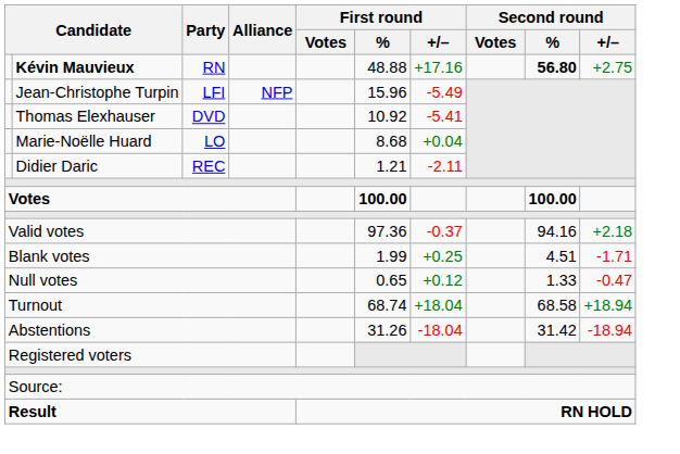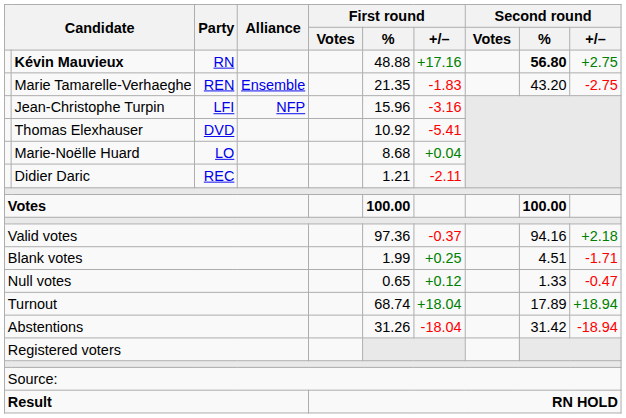 <table class="wikitable" style="text-align:right;font-size:95%;">
 <tr>
 <th rowspan="2" colspan="2">Candidate</th>
 <th colspan="1" rowspan="2">Party</th>
 <th colspan="1" rowspan="2">Alliance</th>
 <th colspan="3">First round</th>
 <th colspan="3">Second round</th>
 </tr>
 <tr>
 <th style="width:50px;">Votes</th>
 <th style="width:45px;">%</th>
 <th style="width:45px;">+/–</th>
 <th style="width:50px;">Votes</th>
 <th style="width:45px;">%</th>
 <th style="width:45px;">+/–</th>
 </tr>
 <tr>
 <td style="color:inherit;background:"></td>
 <td style="text-align:left;"><strong>Kévin Mauvieux</strong></td>
 <td><a href='#'>RN</a></td>
 <td></td>
 <td></td>
 <td>48.88</td>
 <td style="color:green;">+17.16</td>
 <td><strong></strong></td>
 <td><strong>56.80</strong></td>
 <td style="color:green;">+2.75</td>
 </tr>
 <tr>
 <td style="color:inherit;background:"></td>
+<td style="text-align:left;">Marie Tamarelle-Verhaeghe</td>
+<td><a href='#'>REN</a></td>
+<td><a href='#'>Ensemble</a></td>
+<td></td>
+<td>21.35</td>
+<td style="color:red;">-1.83</td>
+<td></td>
+<td>43.20</td>
+<td style="color:red;">-2.75</td>
+</tr>
+<tr>
+<td style="color:inherit;background:"></td>
 <td style="text-align:left;">Jean-Christophe Turpin</td>
 <td><a href='#'>LFI</a></td>
 <td><a href='#'>NFP</a></td>
 <td></td>
 <td>15.96</td>
-<td style="color:red;">-5.49</td>
+<td style="color:red;">-3.16</td>
 <td colspan="3" rowspan="4" style="background:#E9E9E9;"></td>
 </tr>
 <tr>
 <td style="color:inherit;background:"></td>
 <td style="text-align:left;">Thomas Elexhauser</td>
 <td><a href='#'>DVD</a></td>
 <td></td>
 <td></td>
 <td>10.92</td>
 <td style="color:red;">-5.41</td>
 </tr>
 <tr>
 <td style="color:inherit;background:"></td>
 <td style="text-align:left;">Marie-Noëlle Huard</td>
 <td><a href='#'>LO</a></td>
 <td></td>
 <td></td>
 <td>8.68</td>
 <td style="color:green;">+0.04</td>
 </tr>
 <tr>
 <td style="color:inherit;background:"></td>
 <td style="text-align:left;">Didier Daric</td>
 <td><a href='#'>REC</a></td>
 <td></td>
 <td></td>
 <td>1.21</td>
 <td style="color:red;">-2.11</td>
 </tr>
 <tr>
 <td colspan="10" style="background:#E9E9E9;"></td>
 </tr>
 <tr style="font-weight:bold;">
 <td colspan="4" style="text-align:left;">Votes</td>
 <td></td>
 <td>100.00</td>
 <td></td>
 <td></td>
 <td>100.00</td>
 <td></td>
 </tr>
 <tr>
 <td colspan="10" style="background:#E9E9E9;"></td>
 </tr>
 <tr>
 <td colspan="4" style="text-align:left;">Valid votes</td>
 <td></td>
 <td>97.36</td>
 <td style="color:red;">-0.37</td>
 <td></td>
 <td>94.16</td>
 <td style="color:green;">+2.18</td>
 </tr>
 <tr>
 <td colspan="4" style="text-align:left;">Blank votes</td>
 <td></td>
 <td>1.99</td>
 <td style="color:green;">+0.25</td>
 <td></td>
 <td>4.51</td>
 <td style="color:red;">-1.71</td>
 </tr>
 <tr>
 <td colspan="4" style="text-align:left;">Null votes</td>
 <td></td>
 <td>0.65</td>
 <td style="color:green;">+0.12</td>
 <td></td>
 <td>1.33</td>
 <td style="color:red;">-0.47</td>
 </tr>
 <tr>
 <td colspan="4" style="text-align:left;">Turnout</td>
 <td></td>
 <td>68.74</td>
 <td style="color:green;">+18.04</td>
 <td></td>
-<td>68.58</td>
+<td>17.89</td>
 <td style="color:green;">+18.94</td>
 </tr>
 <tr>
 <td colspan="4" style="text-align:left;">Abstentions</td>
 <td></td>
 <td>31.26</td>
 <td style="color:red;">-18.04</td>
 <td></td>
 <td>31.42</td>
 <td style="color:red;">-18.94</td>
 </tr>
 <tr>
 <td colspan="4" style="text-align:left;">Registered voters</td>
 <td></td>
 <td colspan="2" style="background:#E9E9E9;"></td>
 <td></td>
 <td colspan="2" style="background:#E9E9E9;"></td>
 </tr>
 <tr>
 <td colspan="10" style="background:#E9E9E9;"></td>
 </tr>
 <tr>
 <td colspan="10" style="text-align:left;">Source: </td>
 </tr>
 <tr style="font-weight:bold">
 <td colspan="4" style="text-align:left;">Result</td>
 <td colspan="6" style="background-color:">RN HOLD</td>
 </tr>
 </table>
